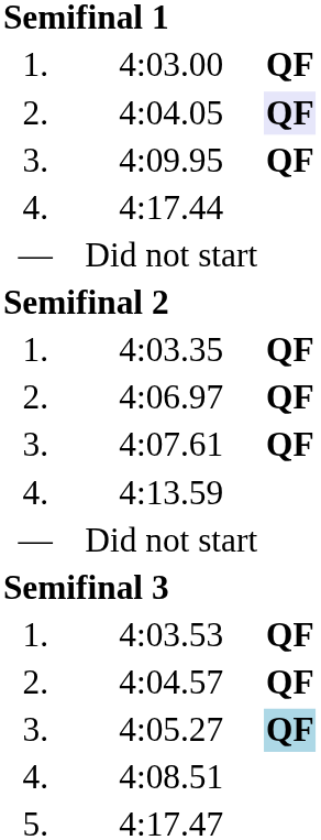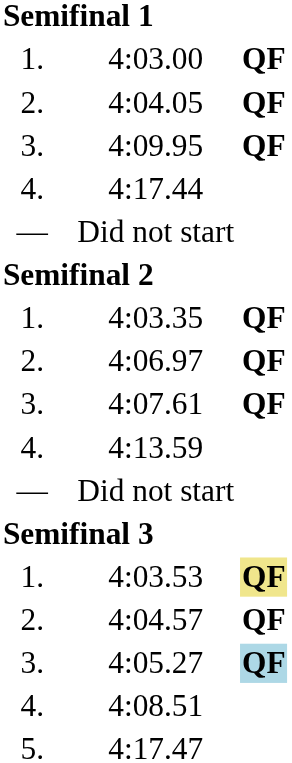 <table style="text-align:center">
 <tr>
 <td colspan=4 align=left><strong>Semifinal 1</strong></td>
 </tr>
 <tr>
 <td width=30>1.</td>
 <td align=left></td>
 <td width=80>4:03.00</td>
 <td><strong>QF</strong></td>
 </tr>
 <tr>
 <td>2.</td>
 <td align=left></td>
 <td>4:04.05</td>
-<td style="background: lavender;"><strong>QF</strong></td>
+<td><strong>QF</strong></td>
 </tr>
 <tr>
 <td>3.</td>
 <td align=left></td>
 <td>4:09.95</td>
 <td><strong>QF</strong></td>
 </tr>
 <tr>
 <td>4.</td>
 <td align=left></td>
 <td>4:17.44</td>
 <td></td>
 </tr>
 <tr>
 <td>—</td>
 <td align=left></td>
 <td>Did not start</td>
 <td></td>
 </tr>
 <tr>
 <td colspan=4 align=left><strong>Semifinal 2</strong></td>
 </tr>
 <tr>
 <td>1.</td>
 <td align=left></td>
 <td>4:03.35</td>
 <td><strong>QF</strong></td>
 </tr>
 <tr>
 <td>2.</td>
 <td align=left></td>
 <td>4:06.97</td>
 <td><strong>QF</strong></td>
 </tr>
 <tr>
 <td>3.</td>
 <td align=left></td>
 <td>4:07.61</td>
 <td><strong>QF</strong></td>
 </tr>
 <tr>
 <td>4.</td>
 <td align=left></td>
 <td>4:13.59</td>
 <td></td>
 </tr>
 <tr>
 <td>—</td>
 <td align=left></td>
 <td>Did not start</td>
 <td></td>
 </tr>
 <tr>
 <td colspan=4 align=left><strong>Semifinal 3</strong></td>
 </tr>
 <tr>
 <td>1.</td>
 <td align=left></td>
 <td>4:03.53</td>
-<td><strong>QF</strong></td>
+<td style="background: khaki;"><strong>QF</strong></td>
 </tr>
 <tr>
 <td>2.</td>
 <td align=left></td>
 <td>4:04.57</td>
 <td><strong>QF</strong></td>
 </tr>
 <tr>
 <td>3.</td>
 <td align=left></td>
 <td>4:05.27</td>
 <td style="background: lightblue;"><strong>QF</strong></td>
 </tr>
 <tr>
 <td>4.</td>
 <td align=left></td>
 <td>4:08.51</td>
 <td></td>
 </tr>
 <tr>
 <td>5.</td>
 <td align=left></td>
 <td>4:17.47</td>
 <td></td>
 </tr>
 </table>
